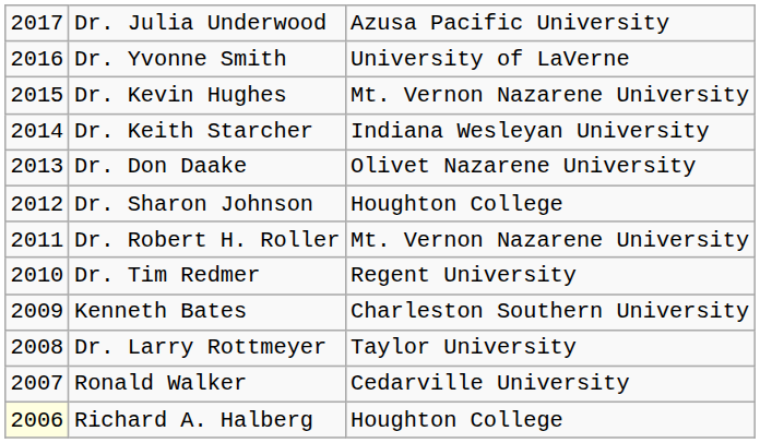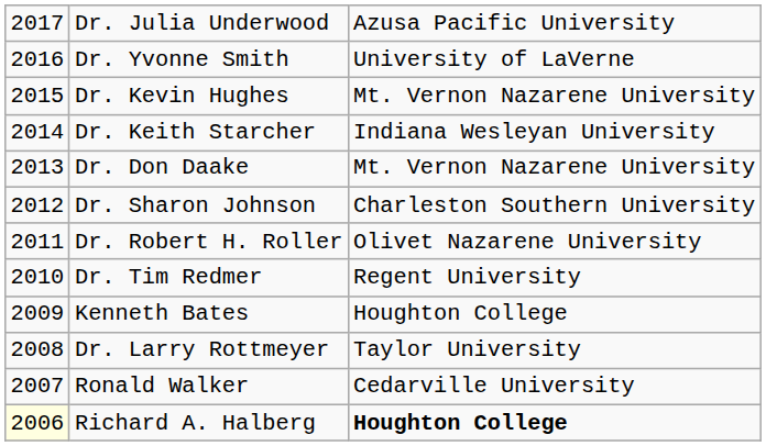 <table class="wikitable">
 <tr>
 <td>2017</td>
 <td>Dr. Julia Underwood</td>
 <td>Azusa Pacific University</td>
 </tr>
 <tr>
 <td>2016</td>
 <td>Dr. Yvonne Smith</td>
 <td>University of LaVerne</td>
 </tr>
 <tr>
 <td>2015</td>
 <td>Dr. Kevin Hughes</td>
 <td>Mt. Vernon Nazarene University</td>
 </tr>
 <tr>
 <td>2014</td>
 <td>Dr. Keith Starcher</td>
 <td>Indiana Wesleyan University</td>
 </tr>
 <tr>
 <td>2013</td>
 <td>Dr. Don Daake</td>
-<td>Olivet Nazarene University</td>
+<td>Mt. Vernon Nazarene University</td>
 </tr>
 <tr>
 <td>2012</td>
 <td>Dr. Sharon Johnson</td>
-<td>Houghton College</td>
+<td>Charleston Southern University</td>
 </tr>
 <tr>
 <td>2011</td>
 <td>Dr. Robert H. Roller</td>
-<td>Mt. Vernon Nazarene University</td>
+<td>Olivet Nazarene University</td>
 </tr>
 <tr>
 <td>2010</td>
 <td>Dr. Tim Redmer</td>
 <td>Regent University</td>
 </tr>
 <tr>
 <td>2009</td>
 <td>Kenneth Bates</td>
-<td>Charleston Southern University</td>
+<td>Houghton College</td>
 </tr>
 <tr>
 <td>2008</td>
 <td>Dr. Larry Rottmeyer</td>
 <td>Taylor University</td>
 </tr>
 <tr>
 <td>2007</td>
 <td>Ronald Walker</td>
 <td>Cedarville University</td>
 </tr>
 <tr>
 <td style="background: lightyellow;">2006</td>
 <td>Richard A. Halberg</td>
-<td>Houghton College</td>
+<td><strong>Houghton College</strong></td>
 </tr>
 </table>
